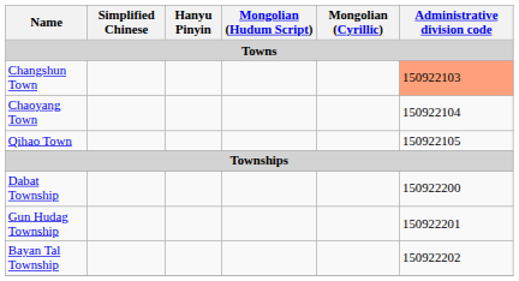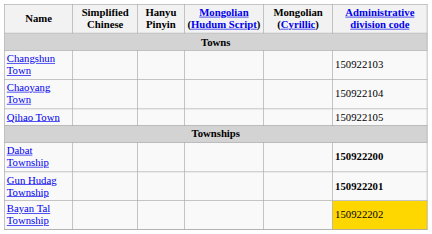 <table class="wikitable" align="center" style="width:50%; border="1">
 <tr>
 <th>Name</th>
 <th>Simplified Chinese</th>
 <th>Hanyu Pinyin</th>
 <th><a href='#'>Mongolian</a> (<a href='#'>Hudum Script</a>)</th>
 <th>Mongolian (<a href='#'>Cyrillic</a>)</th>
 <th><a href='#'>Administrative division code</a></th>
 </tr>
 <tr>
 <td colspan="6"  style="text-align:center; background:#d3d3d3;"><strong>Towns</strong></td>
 </tr>
 <tr --------->
 <td><a href='#'>Changshun Town</a></td>
 <td></td>
 <td></td>
 <td></td>
 <td></td>
-<td style="background: lightsalmon;">150922103</td>
+<td>150922103</td>
 </tr>
 <tr>
 <td><a href='#'>Chaoyang Town</a></td>
 <td></td>
 <td></td>
 <td></td>
 <td></td>
 <td>150922104</td>
 </tr>
 <tr>
 <td><a href='#'>Qihao Town</a></td>
 <td></td>
 <td></td>
 <td></td>
 <td></td>
 <td>150922105</td>
 </tr>
 <tr>
 <td colspan="6"  style="text-align:center; background:#d3d3d3;"><strong>Townships</strong></td>
 </tr>
 <tr --------->
 <td><a href='#'>Dabat Township</a></td>
 <td></td>
 <td></td>
 <td></td>
 <td></td>
-<td>150922200</td>
+<td><strong>150922200</strong></td>
 </tr>
 <tr>
 <td><a href='#'>Gun Hudag Township</a></td>
 <td></td>
 <td></td>
 <td></td>
 <td></td>
-<td>150922201</td>
+<td><strong>150922201</strong></td>
 </tr>
 <tr>
 <td><a href='#'>Bayan Tal Township</a></td>
 <td></td>
 <td></td>
 <td></td>
 <td></td>
-<td>150922202</td>
+<td style="background: gold;">150922202</td>
 </tr>
 <tr>
 </tr>
 </table>
